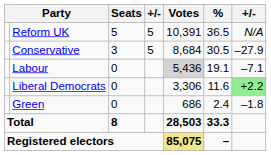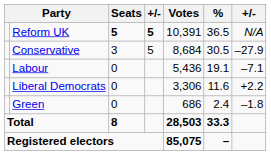 <table class="wikitable sortable">
 <tr>
 <th colspan="2">Party</th>
 <th>Seats</th>
 <th>+/-</th>
 <th>Votes</th>
 <th>%</th>
 <th>+/-</th>
 </tr>
 <tr>
 <td style="background-color: "></td>
 <td><a href='#'>Reform UK</a></td>
-<td>5</td>
-<td> 5</td>
+<td><strong>5</strong></td>
+<td><strong> 5</strong></td>
 <td style="text-align:right;">10,391</td>
 <td style="text-align:right;">36.5</td>
 <td style="text-align:right;"><em>N/A</em></td>
 </tr>
 <tr>
 <td style="background-color: "></td>
 <td><a href='#'>Conservative</a></td>
 <td>3</td>
 <td> 5</td>
 <td style="text-align:right;">8,684</td>
 <td style="text-align:right;">30.5</td>
 <td style="text-align:right;">–27.9</td>
 </tr>
 <tr>
 <td style="background-color: "></td>
 <td><a href='#'>Labour</a></td>
 <td>0</td>
 <td></td>
-<td style="background: lightgrey; text-align:right;">5,436</td>
+<td style="text-align:right;">5,436</td>
 <td style="text-align:right;">19.1</td>
 <td style="text-align:right;">–7.1</td>
 </tr>
 <tr>
 <td style="background-color: "></td>
 <td><a href='#'>Liberal Democrats</a></td>
 <td>0</td>
 <td></td>
 <td style="text-align:right;">3,306</td>
 <td style="text-align:right;">11.6</td>
-<td style="background: lightgreen; text-align:right;">+2.2</td>
+<td style="text-align:right;">+2.2</td>
 </tr>
 <tr>
 <td style="background-color: "></td>
 <td><a href='#'>Green</a></td>
 <td>0</td>
 <td></td>
 <td style="text-align:right;">686</td>
 <td style="text-align:right;">2.4</td>
 <td style="text-align:right;">–1.8</td>
 </tr>
 <tr>
 <td colspan="2"><strong>Total</strong></td>
 <td><strong>8</strong></td>
 <td></td>
 <td style="text-align:right;"><strong>28,503</strong></td>
 <td style="text-align:right;"><strong>33.3</strong></td>
 <td style="text-align:right;"></td>
 </tr>
 <tr>
 <td colspan="4"><strong>Registered electors</strong></td>
-<td style="background: khaki; text-align:right;"><strong>85,075</strong></td>
+<td style="text-align:right;"><strong>85,075</strong></td>
 <td style="text-align:right;"><strong>–</strong></td>
 <td style="text-align:right;"></td>
 </tr>
 </table>
